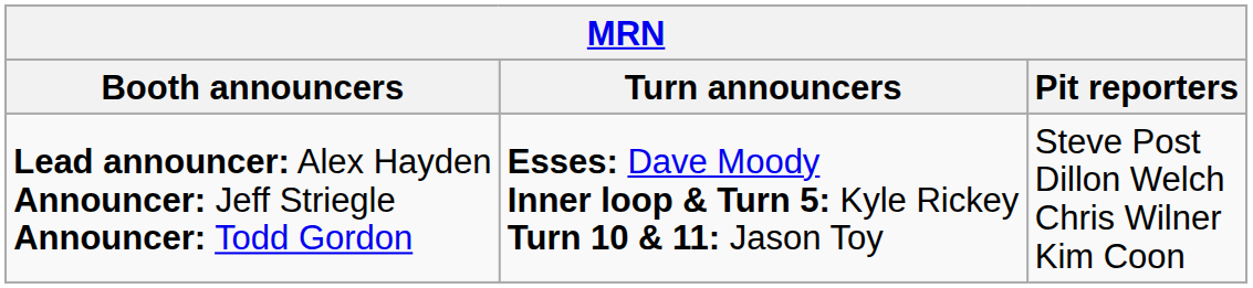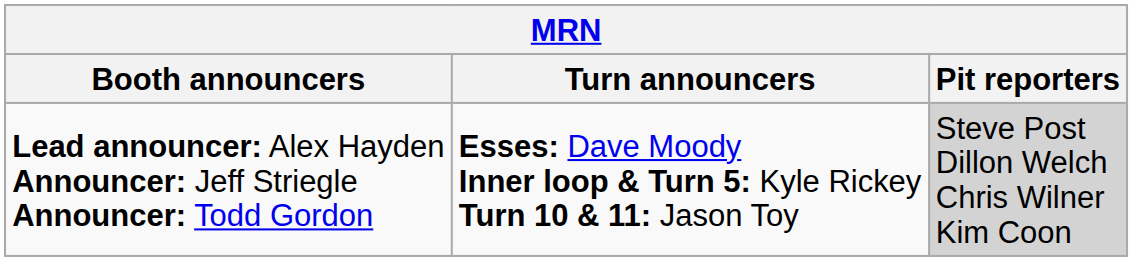 <table class="wikitable" style="font-size: 95%;">
 <tr>
 <th colspan="3"><a href='#'>MRN</a></th>
 </tr>
 <tr>
 <th>Booth announcers</th>
 <th>Turn announcers</th>
 <th>Pit reporters</th>
 </tr>
 <tr>
 <td><strong>Lead announcer:</strong> Alex Hayden<br><strong>Announcer:</strong> Jeff Striegle<br><strong>Announcer:</strong> <a href='#'>Todd Gordon</a></td>
 <td><strong>Esses:</strong> <a href='#'>Dave Moody</a> <br><strong>Inner loop & Turn 5:</strong> Kyle Rickey<br><strong>Turn 10 & 11:</strong> Jason Toy</td>
-<td>Steve Post<br>Dillon Welch<br>Chris Wilner<br>Kim Coon</td>
+<td style="background: lightgrey;">Steve Post<br>Dillon Welch<br>Chris Wilner<br>Kim Coon</td>
 </tr>
 </table>
